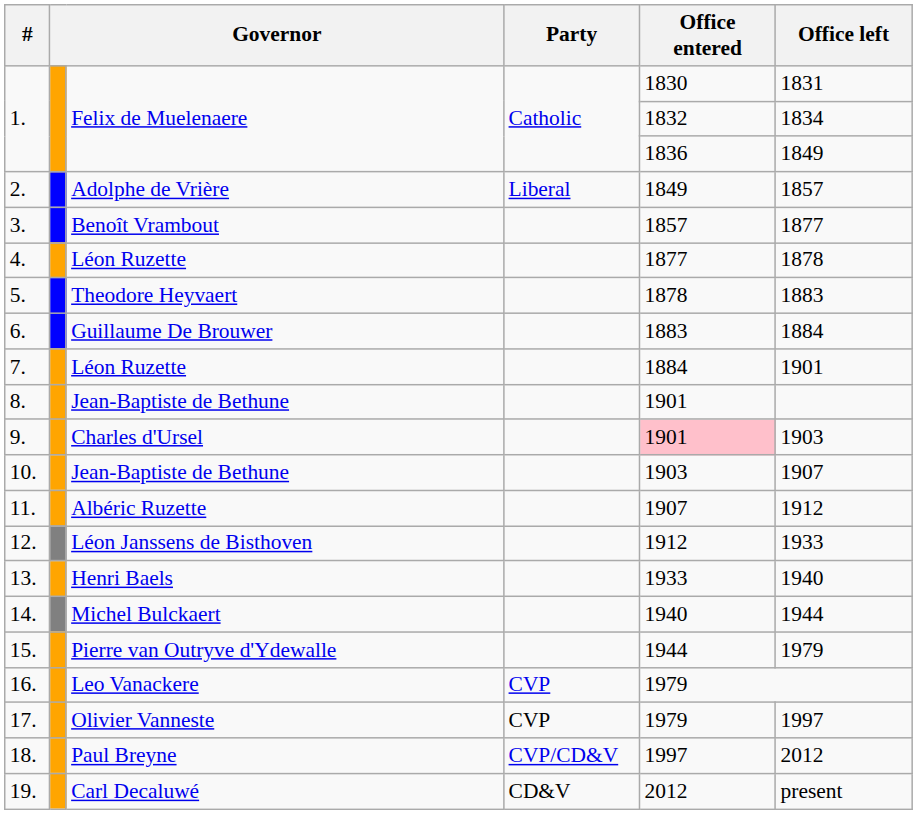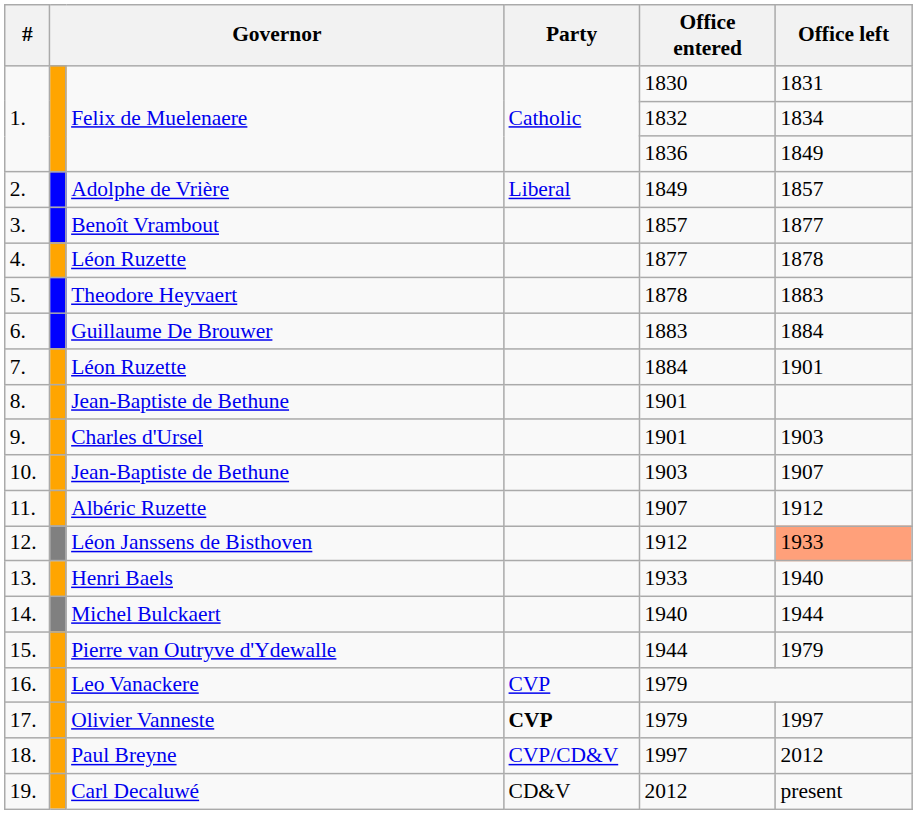 <table class="wikitable" style="text-align:left; font-size:90%; width=75%">
 <tr>
 <th>#</th>
 <th colspan=2 width=50%>Governor</th>
 <th width=15%>Party</th>
 <th width=15%>Office entered</th>
 <th width=15%>Office left</th>
 </tr>
 <tr>
 <td rowspan=3>1.</td>
 <td bgcolor="orange" rowspan=3></td>
 <td rowspan=3><a href='#'>Felix de Muelenaere</a></td>
 <td rowspan=3><a href='#'>Catholic</a></td>
 <td>1830</td>
 <td>1831</td>
 </tr>
 <tr>
 <td>1832</td>
 <td>1834</td>
 </tr>
 <tr>
 <td>1836</td>
 <td>1849</td>
 </tr>
 <tr>
 <td>2.</td>
 <td bgcolor="blue"></td>
 <td><a href='#'>Adolphe de Vrière</a></td>
 <td><a href='#'>Liberal</a></td>
 <td>1849</td>
 <td>1857</td>
 </tr>
 <tr>
 <td>3.</td>
 <td bgcolor="blue"></td>
 <td><a href='#'>Benoît Vrambout</a></td>
 <td></td>
 <td>1857</td>
 <td>1877</td>
 </tr>
 <tr>
 <td>4.</td>
 <td bgcolor="orange"></td>
 <td><a href='#'>Léon Ruzette</a></td>
 <td></td>
 <td>1877</td>
 <td>1878</td>
 </tr>
 <tr>
 <td>5.</td>
 <td bgcolor="blue"></td>
 <td><a href='#'>Theodore Heyvaert</a></td>
 <td></td>
 <td>1878</td>
 <td>1883</td>
 </tr>
 <tr>
 <td>6.</td>
 <td bgcolor="blue"></td>
 <td><a href='#'>Guillaume De Brouwer</a></td>
 <td></td>
 <td>1883</td>
 <td>1884</td>
 </tr>
 <tr>
 <td>7.</td>
 <td bgcolor="orange"></td>
 <td><a href='#'>Léon Ruzette</a></td>
 <td></td>
 <td>1884</td>
 <td>1901</td>
 </tr>
 <tr>
 <td>8.</td>
 <td bgcolor="orange"></td>
 <td><a href='#'>Jean-Baptiste de Bethune</a></td>
 <td></td>
 <td>1901</td>
 <td></td>
 </tr>
 <tr>
 <td>9.</td>
 <td bgcolor="orange"></td>
 <td><a href='#'>Charles d'Ursel</a></td>
 <td></td>
-<td style="background: pink;">1901</td>
+<td>1901</td>
 <td>1903</td>
 </tr>
 <tr>
 <td>10.</td>
 <td bgcolor="orange"></td>
 <td><a href='#'>Jean-Baptiste de Bethune</a></td>
 <td></td>
 <td>1903</td>
 <td>1907</td>
 </tr>
 <tr>
 <td>11.</td>
 <td bgcolor="orange"></td>
 <td><a href='#'>Albéric Ruzette</a></td>
 <td></td>
 <td>1907</td>
 <td>1912</td>
 </tr>
 <tr>
 <td>12.</td>
 <td bgcolor="grey"></td>
 <td><a href='#'>Léon Janssens de Bisthoven</a></td>
 <td></td>
 <td>1912</td>
-<td>1933</td>
+<td style="background: lightsalmon;">1933</td>
 </tr>
 <tr>
 <td>13.</td>
 <td bgcolor="orange"></td>
 <td><a href='#'>Henri Baels</a></td>
 <td></td>
 <td>1933</td>
 <td>1940</td>
 </tr>
 <tr>
 <td>14.</td>
 <td bgcolor="grey"></td>
 <td><a href='#'>Michel Bulckaert</a></td>
 <td></td>
 <td>1940</td>
 <td>1944</td>
 </tr>
 <tr>
 <td>15.</td>
 <td bgcolor="orange"></td>
 <td><a href='#'>Pierre van Outryve d'Ydewalle</a></td>
 <td></td>
 <td>1944</td>
 <td>1979</td>
 </tr>
 <tr>
 <td>16.</td>
 <td bgcolor="orange"></td>
 <td><a href='#'>Leo Vanackere</a></td>
 <td><a href='#'>CVP</a></td>
 <td colspan="2">1979</td>
 </tr>
 <tr>
 <td>17.</td>
 <td bgcolor="orange"></td>
 <td><a href='#'>Olivier Vanneste</a></td>
-<td>CVP</td>
+<td><strong>CVP</strong></td>
 <td>1979</td>
 <td>1997</td>
 </tr>
 <tr>
 <td>18.</td>
 <td bgcolor="orange"></td>
 <td><a href='#'>Paul Breyne</a></td>
 <td><a href='#'>CVP/CD&V</a></td>
 <td>1997</td>
 <td>2012</td>
 </tr>
 <tr>
 <td>19.</td>
 <td bgcolor="orange"></td>
 <td><a href='#'>Carl Decaluwé</a></td>
 <td>CD&V</td>
 <td>2012</td>
 <td>present</td>
 </tr>
 </table>
